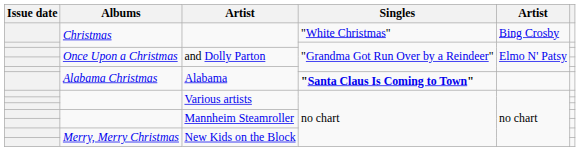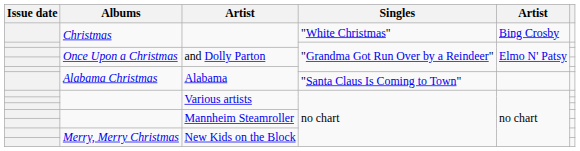 <table class="wikitable sortable plainrowheaders">
 <tr>
 <th scope=col>Issue date</th>
 <th scope=col>Albums</th>
 <th scope=col>Artist</th>
 <th scope=col>Singles</th>
 <th scope=col>Artist</th>
 <th scope=col class=unsortable></th>
 </tr>
 <tr>
 <th scope="row"></th>
 <td rowspan="2"><em><a href='#'>Christmas</a></em></td>
 <td rowspan="2"></td>
 <td>"<a href='#'>White Christmas</a>"</td>
 <td><a href='#'>Bing Crosby</a></td>
 <td></td>
 </tr>
 <tr>
 <th scope="row"></th>
 <td rowspan="4">"<a href='#'>Grandma Got Run Over by a Reindeer</a>"</td>
 <td rowspan="4"><a href='#'>Elmo N' Patsy</a></td>
 <td></td>
 </tr>
 <tr>
 <th scope="row"></th>
 <td rowspan="2"><em><a href='#'>Once Upon a Christmas</a></em></td>
 <td rowspan="2"> and <a href='#'>Dolly Parton</a></td>
 <td></td>
 </tr>
 <tr>
 <th scope="row"></th>
 <td></td>
 </tr>
 <tr>
 <th scope="row"></th>
 <td rowspan="2"><em><a href='#'>Alabama Christmas</a></em></td>
 <td rowspan="2"><a href='#'>Alabama</a></td>
 <td></td>
 </tr>
 <tr>
 <th scope="row"></th>
-<td><strong>"<a href='#'>Santa Claus Is Coming to Town</a>"</strong></td>
+<td>"<a href='#'>Santa Claus Is Coming to Town</a>"</td>
 <td></td>
 <td></td>
 </tr>
 <tr>
 <th scope="row"></th>
 <td rowspan="3"><em></em></td>
 <td rowspan="3"><a href='#'>Various artists</a></td>
 <td rowspan="7">no chart</td>
 <td rowspan="7">no chart</td>
 <td></td>
 </tr>
 <tr>
 <th scope="row"></th>
 <td></td>
 </tr>
 <tr>
 <th scope="row"></th>
 <td></td>
 </tr>
 <tr>
 <th scope="row"></th>
 <td rowspan="2"><em></em></td>
 <td rowspan="2"><a href='#'>Mannheim Steamroller</a></td>
 <td></td>
 </tr>
 <tr>
 <th scope="row"></th>
 <td></td>
 </tr>
 <tr>
 <th scope="row"></th>
 <td rowspan="2"><em><a href='#'>Merry, Merry Christmas</a></em></td>
 <td rowspan="2"><a href='#'>New Kids on the Block</a></td>
 <td></td>
 </tr>
 <tr>
 <th scope="row"></th>
 <td></td>
 </tr>
 </table>
